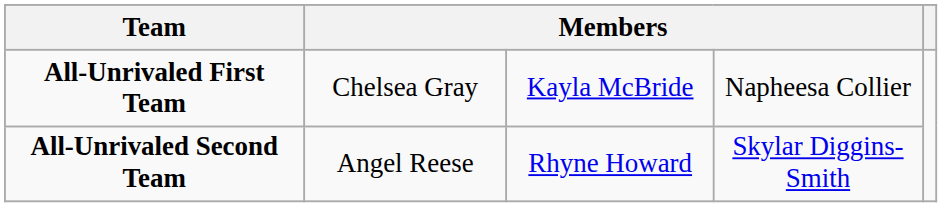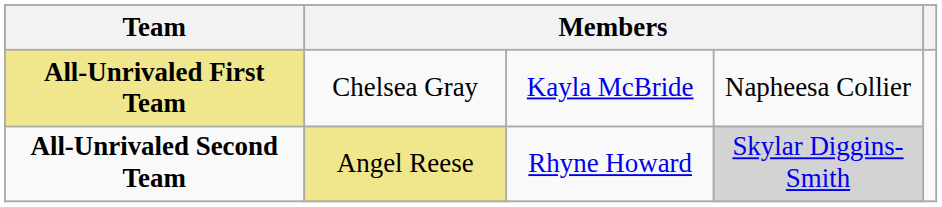 <table class="wikitable" style="width:80%; text-align:center; font-size:90%">
 <tr>
 <th>Team</th>
 <th colspan=3 align=center>Members</th>
 <th width=1></th>
 </tr>
 <tr>
-<td width=190><strong>All-Unrivaled First Team</strong></td>
+<td width=190 style="background: khaki;"><strong>All-Unrivaled First Team</strong></td>
 <td width=125>Chelsea Gray</td>
 <td width=125><a href='#'>Kayla McBride</a></td>
 <td width=125>Napheesa Collier</td>
 <td rowspan=2></td>
 </tr>
 <tr>
 <td width=190><strong>All-Unrivaled Second Team</strong></td>
-<td width=125>Angel Reese</td>
+<td width=125 style="background: khaki;">Angel Reese</td>
 <td width=125><a href='#'>Rhyne Howard</a></td>
-<td width=125><a href='#'>Skylar Diggins-Smith</a></td>
+<td width=125 style="background: lightgrey;"><a href='#'>Skylar Diggins-Smith</a></td>
 </tr>
 </table>
